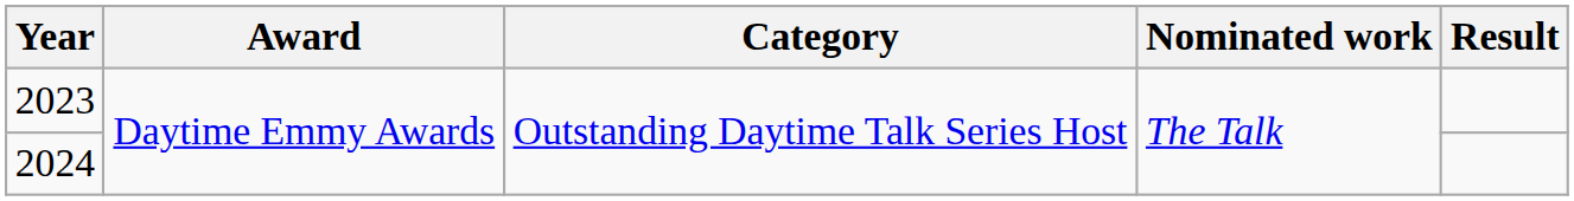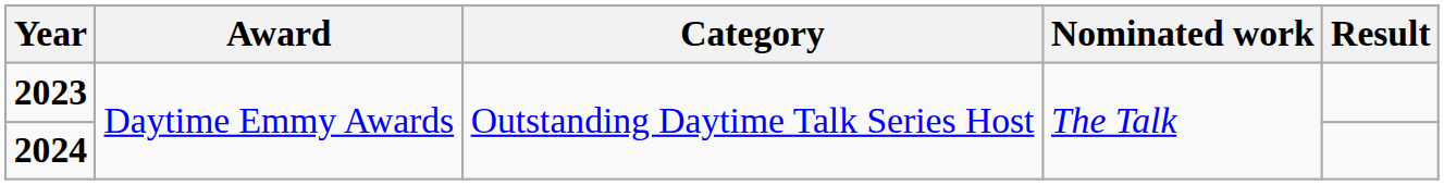 <table class="wikitable">
 <tr>
 <th>Year</th>
 <th>Award</th>
 <th>Category</th>
 <th>Nominated work</th>
 <th>Result</th>
 </tr>
 <tr>
-<td>2023</td>
+<td><strong>2023</strong></td>
 <td rowspan="2"><a href='#'>Daytime Emmy Awards</a></td>
 <td rowspan="2"><a href='#'>Outstanding Daytime Talk Series Host</a> </td>
 <td rowspan="2"><em><a href='#'>The Talk</a></em></td>
 <td></td>
 </tr>
 <tr>
-<td>2024</td>
+<td><strong>2024</strong></td>
 <td></td>
 </tr>
 </table>
